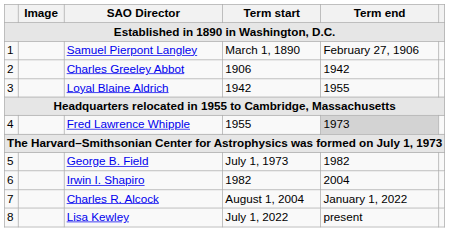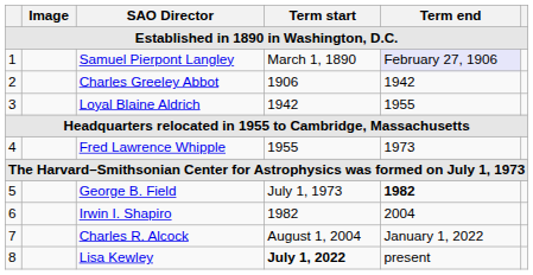 <table class="wikitable">
 <tr>
 <th></th>
 <th>Image</th>
 <th>SAO Director</th>
 <th>Term start</th>
 <th>Term end</th>
 <th></th>
 </tr>
 <tr>
 <td colspan=6 bgcolor="#e6e6e6" style="text-align: center; font-weight: bold;">Established in 1890 in Washington, D.C.</td>
 </tr>
 <tr>
 <td>1</td>
 <td></td>
 <td><a href='#'>Samuel Pierpont Langley</a></td>
 <td>March 1, 1890</td>
-<td>February 27, 1906</td>
+<td style="background: lavender;">February 27, 1906</td>
 <td></td>
 </tr>
 <tr>
 <td>2</td>
 <td></td>
 <td><a href='#'>Charles Greeley Abbot</a></td>
 <td>1906</td>
 <td>1942</td>
 <td></td>
 </tr>
 <tr>
 <td>3</td>
 <td></td>
 <td><a href='#'>Loyal Blaine Aldrich</a></td>
 <td>1942</td>
 <td>1955</td>
 <td></td>
 </tr>
 <tr>
 <td colspan=6 bgcolor="#e6e6e6" style="text-align: center; font-weight: bold;">Headquarters relocated in 1955 to Cambridge, Massachusetts</td>
 </tr>
 <tr>
 <td>4</td>
 <td></td>
 <td><a href='#'>Fred Lawrence Whipple</a></td>
 <td>1955</td>
-<td style="background: lightgrey;">1973</td>
+<td>1973</td>
 <td></td>
 </tr>
 <tr>
 <td colspan=6 bgcolor="#e6e6e6" style="text-align: center; font-weight: bold;">The Harvard–Smithsonian Center for Astrophysics was formed on July 1, 1973</td>
 </tr>
 <tr>
 <td>5</td>
 <td></td>
 <td><a href='#'>George B. Field</a></td>
 <td>July 1, 1973</td>
-<td>1982</td>
+<td><strong>1982</strong></td>
 <td></td>
 </tr>
 <tr>
 <td>6</td>
 <td></td>
 <td><a href='#'>Irwin I. Shapiro</a></td>
 <td>1982</td>
 <td>2004</td>
 <td></td>
 </tr>
 <tr>
 <td>7</td>
 <td></td>
 <td><a href='#'>Charles R. Alcock</a></td>
 <td>August 1, 2004</td>
 <td>January 1, 2022</td>
 <td></td>
 </tr>
 <tr>
 <td>8</td>
 <td></td>
 <td><a href='#'>Lisa Kewley</a></td>
-<td>July 1, 2022</td>
+<td><strong>July 1, 2022</strong></td>
 <td>present</td>
 <td></td>
 </tr>
 </table>
